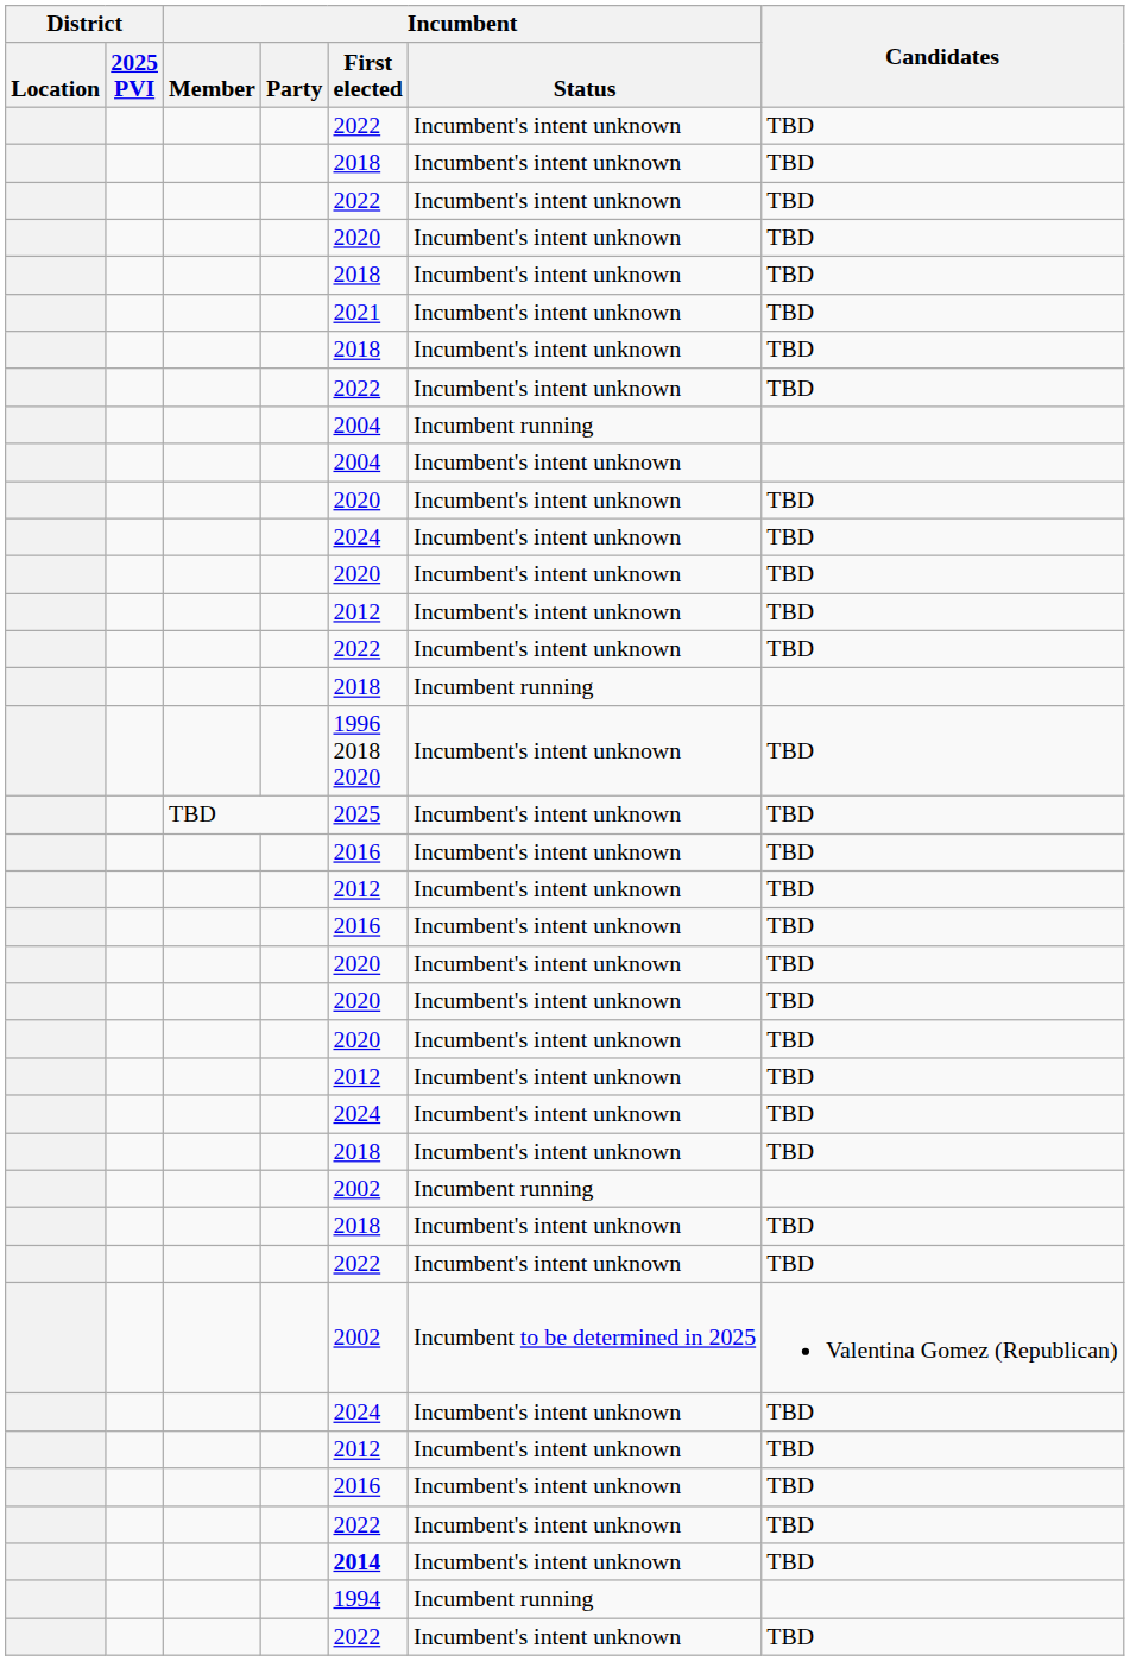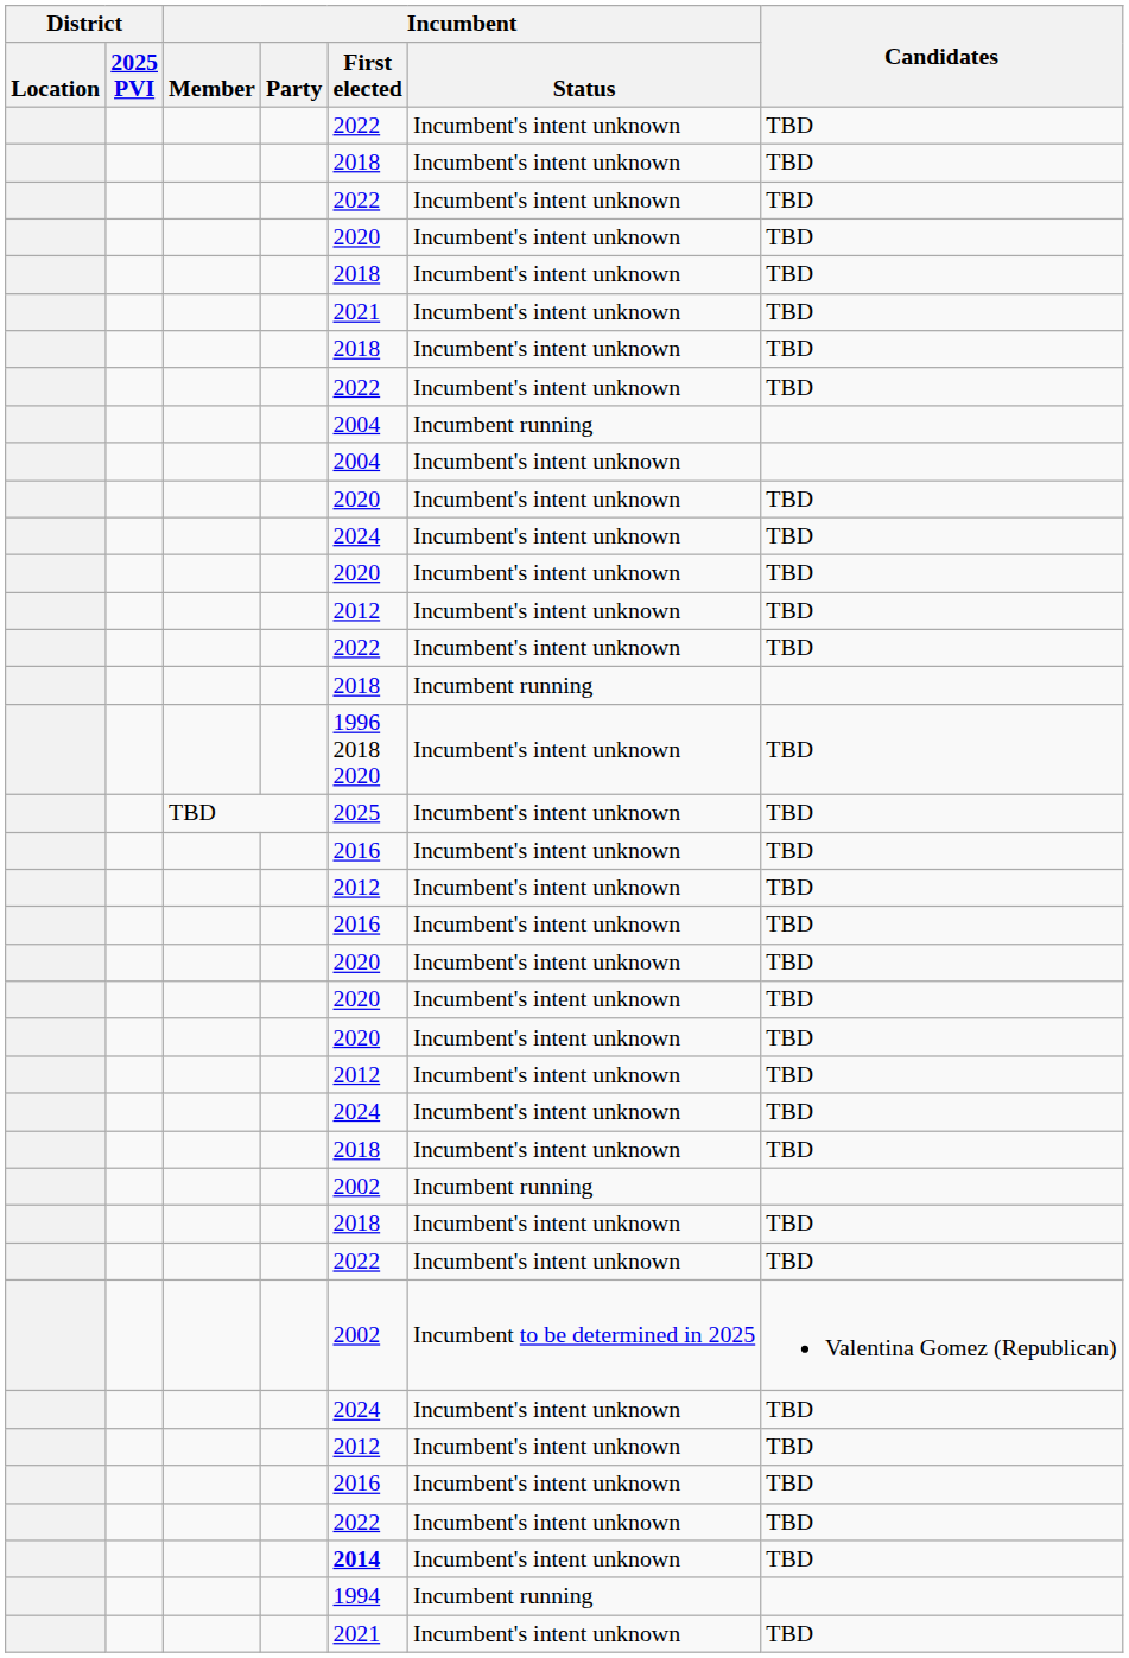 <table class="wikitable sortable">
 <tr>
 <th colspan=2>District</th>
 <th colspan=4>Incumbent</th>
 <th rowspan=2 class="unsortable">Candidates</th>
 </tr>
 <tr valign=bottom>
 <th>Location</th>
 <th><a href='#'>2025<br>PVI</a></th>
 <th>Member</th>
 <th>Party</th>
 <th>First<br>elected</th>
 <th>Status</th>
 </tr>
 <tr>
 <th></th>
 <td></td>
 <td></td>
 <td></td>
 <td><a href='#'>2022</a></td>
 <td>Incumbent's intent unknown</td>
 <td>TBD</td>
 </tr>
 <tr>
 <th></th>
 <td></td>
 <td></td>
 <td></td>
 <td><a href='#'>2018</a></td>
 <td>Incumbent's intent unknown</td>
 <td>TBD</td>
 </tr>
 <tr>
 <th></th>
 <td></td>
 <td></td>
 <td></td>
 <td><a href='#'>2022</a></td>
 <td>Incumbent's intent unknown</td>
 <td>TBD</td>
 </tr>
 <tr>
 <th></th>
 <td></td>
 <td></td>
 <td></td>
 <td><a href='#'>2020</a></td>
 <td>Incumbent's intent unknown</td>
 <td>TBD</td>
 </tr>
 <tr>
 <th></th>
 <td></td>
 <td></td>
 <td></td>
 <td><a href='#'>2018</a></td>
 <td>Incumbent's intent unknown</td>
 <td>TBD</td>
 </tr>
 <tr>
 <th></th>
 <td></td>
 <td></td>
 <td></td>
 <td><a href='#'>2021 </a></td>
 <td>Incumbent's intent unknown</td>
 <td>TBD</td>
 </tr>
 <tr>
 <th></th>
 <td></td>
 <td></td>
 <td></td>
 <td><a href='#'>2018</a></td>
 <td>Incumbent's intent unknown</td>
 <td>TBD</td>
 </tr>
 <tr>
 <th></th>
 <td></td>
 <td></td>
 <td></td>
 <td><a href='#'>2022</a></td>
 <td>Incumbent's intent unknown</td>
 <td>TBD</td>
 </tr>
 <tr>
 <th></th>
 <td></td>
 <td></td>
 <td></td>
 <td><a href='#'>2004</a></td>
 <td>Incumbent running</td>
 <td></td>
 </tr>
 <tr>
 <th></th>
 <td></td>
 <td></td>
 <td></td>
 <td><a href='#'>2004</a></td>
 <td>Incumbent's intent unknown</td>
 <td></td>
 </tr>
 <tr>
 <th></th>
 <td></td>
 <td></td>
 <td></td>
 <td><a href='#'>2020</a></td>
 <td>Incumbent's intent unknown</td>
 <td>TBD</td>
 </tr>
 <tr>
 <th></th>
 <td></td>
 <td></td>
 <td></td>
 <td><a href='#'>2024</a></td>
 <td>Incumbent's intent unknown</td>
 <td>TBD</td>
 </tr>
 <tr>
 <th></th>
 <td></td>
 <td></td>
 <td></td>
 <td><a href='#'>2020</a></td>
 <td>Incumbent's intent unknown</td>
 <td>TBD</td>
 </tr>
 <tr>
 <th></th>
 <td></td>
 <td></td>
 <td></td>
 <td><a href='#'>2012</a></td>
 <td>Incumbent's intent unknown</td>
 <td>TBD</td>
 </tr>
 <tr>
 <th></th>
 <td></td>
 <td></td>
 <td></td>
 <td><a href='#'>2022</a></td>
 <td>Incumbent's intent unknown</td>
 <td>TBD</td>
 </tr>
 <tr>
 <th></th>
 <td></td>
 <td></td>
 <td></td>
 <td><a href='#'>2018</a></td>
 <td>Incumbent running</td>
 <td></td>
 </tr>
 <tr>
 <th></th>
 <td></td>
 <td></td>
 <td></td>
 <td><a href='#'>1996</a><br>2018 <br><a href='#'>2020</a></td>
 <td>Incumbent's intent unknown</td>
 <td>TBD</td>
 </tr>
 <tr>
 <th></th>
 <td></td>
 <td colspan=2>TBD</td>
 <td><a href='#'>2025 </a></td>
 <td>Incumbent's intent unknown</td>
 <td>TBD</td>
 </tr>
 <tr>
 <th></th>
 <td></td>
 <td></td>
 <td></td>
 <td><a href='#'>2016</a></td>
 <td>Incumbent's intent unknown</td>
 <td>TBD</td>
 </tr>
 <tr>
 <th></th>
 <td></td>
 <td></td>
 <td></td>
 <td><a href='#'>2012</a></td>
 <td>Incumbent's intent unknown</td>
 <td>TBD</td>
 </tr>
 <tr>
 <th></th>
 <td></td>
 <td></td>
 <td></td>
 <td><a href='#'>2016</a></td>
 <td>Incumbent's intent unknown</td>
 <td>TBD</td>
 </tr>
 <tr>
 <th></th>
 <td></td>
 <td></td>
 <td></td>
 <td><a href='#'>2020</a></td>
 <td>Incumbent's intent unknown</td>
 <td>TBD</td>
 </tr>
 <tr>
 <th></th>
 <td></td>
 <td></td>
 <td></td>
 <td><a href='#'>2020</a></td>
 <td>Incumbent's intent unknown</td>
 <td>TBD</td>
 </tr>
 <tr>
 <th></th>
 <td></td>
 <td></td>
 <td></td>
 <td><a href='#'>2020</a></td>
 <td>Incumbent's intent unknown</td>
 <td>TBD</td>
 </tr>
 <tr>
 <th></th>
 <td></td>
 <td></td>
 <td></td>
 <td><a href='#'>2012</a></td>
 <td>Incumbent's intent unknown</td>
 <td>TBD</td>
 </tr>
 <tr>
 <th></th>
 <td></td>
 <td></td>
 <td></td>
 <td><a href='#'>2024</a></td>
 <td>Incumbent's intent unknown</td>
 <td>TBD</td>
 </tr>
 <tr>
 <th></th>
 <td></td>
 <td></td>
 <td></td>
 <td><a href='#'>2018 </a></td>
 <td>Incumbent's intent unknown</td>
 <td>TBD</td>
 </tr>
 <tr>
 <th></th>
 <td></td>
 <td></td>
 <td></td>
 <td><a href='#'>2002</a></td>
 <td>Incumbent running</td>
 <td></td>
 </tr>
 <tr>
 <th></th>
 <td></td>
 <td></td>
 <td></td>
 <td><a href='#'>2018</a></td>
 <td>Incumbent's intent unknown</td>
 <td>TBD</td>
 </tr>
 <tr>
 <th></th>
 <td></td>
 <td></td>
 <td></td>
 <td><a href='#'>2022</a></td>
 <td>Incumbent's intent unknown</td>
 <td>TBD</td>
 </tr>
 <tr>
 <th></th>
 <td></td>
 <td></td>
 <td></td>
 <td><a href='#'>2002</a></td>
 <td>Incumbent <a href='#'>to be determined in 2025</a></td>
 <td nowrap><br><ul><li>Valentina Gomez (Republican)</li></ul></td>
 </tr>
 <tr>
 <th></th>
 <td></td>
 <td></td>
 <td></td>
 <td><a href='#'>2024</a></td>
 <td>Incumbent's intent unknown</td>
 <td>TBD</td>
 </tr>
 <tr>
 <th></th>
 <td></td>
 <td></td>
 <td></td>
 <td><a href='#'>2012</a></td>
 <td>Incumbent's intent unknown</td>
 <td>TBD</td>
 </tr>
 <tr>
 <th></th>
 <td></td>
 <td></td>
 <td></td>
 <td><a href='#'>2016</a></td>
 <td>Incumbent's intent unknown</td>
 <td>TBD</td>
 </tr>
 <tr>
 <th></th>
 <td></td>
 <td></td>
 <td></td>
 <td><a href='#'>2022</a></td>
 <td>Incumbent's intent unknown</td>
 <td>TBD</td>
 </tr>
 <tr>
 <th></th>
 <td></td>
 <td></td>
 <td></td>
 <td><strong><a href='#'>2014</a></strong></td>
 <td>Incumbent's intent unknown</td>
 <td>TBD</td>
 </tr>
 <tr>
 <th></th>
 <td></td>
 <td></td>
 <td></td>
 <td><a href='#'>1994</a></td>
 <td>Incumbent running</td>
 <td></td>
 </tr>
 <tr>
 <th></th>
 <td></td>
 <td></td>
 <td></td>
-<td><a href='#'>2022</a></td>
+<td><a href='#'>2021</a></td>
 <td>Incumbent's intent unknown</td>
 <td>TBD</td>
 </tr>
 </table>
